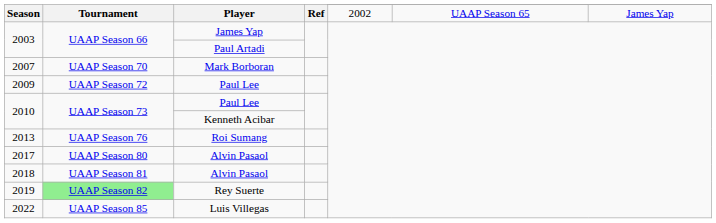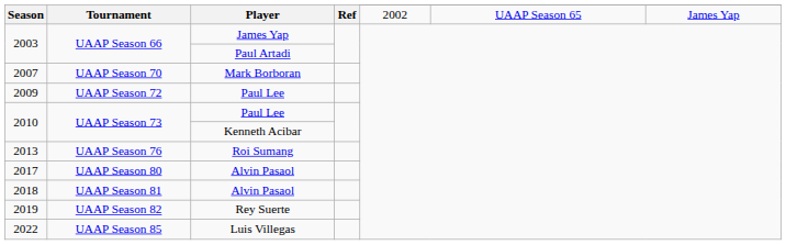 <table class="wikitable sortable" style="text-align:center" width="80%">
 <tr>
 <th style="width:25px;" rowspan="2">Season</th>
 <th style="width:180px;" rowspan="2">Tournament</th>
 <th style="width:180px;" rowspan="2">Player</th>
 <th style="width:25px;" rowspan="2">Ref</th>
 </tr>
 <tr style="text-align:center">
 <td>2002</td>
 <td><a href='#'>UAAP Season 65</a></td>
 <td><a href='#'>James Yap</a></td>
 </tr>
 <tr style="text-align:center">
 <td rowspan=2>2003</td>
 <td rowspan=2><a href='#'>UAAP Season 66</a></td>
 <td><a href='#'>James Yap</a></td>
 <td rowspan=2></td>
 </tr>
 <tr style="text-align:center">
 <td><a href='#'>Paul Artadi</a></td>
 </tr>
 <tr style="text-align:center">
 <td>2007</td>
 <td><a href='#'>UAAP Season 70</a></td>
 <td><a href='#'>Mark Borboran</a></td>
 <td></td>
 </tr>
 <tr style="text-align:center">
 <td>2009</td>
 <td><a href='#'>UAAP Season 72</a></td>
 <td><a href='#'>Paul Lee</a></td>
 <td></td>
 </tr>
 <tr style="text-align:center">
 <td rowspan=2>2010</td>
 <td rowspan=2><a href='#'>UAAP Season 73</a></td>
 <td><a href='#'>Paul Lee</a></td>
 <td rowspan=2></td>
 </tr>
 <tr style="text-align:center">
 <td>Kenneth Acibar</td>
 </tr>
 <tr style="text-align:center">
 <td>2013</td>
 <td><a href='#'>UAAP Season 76</a></td>
 <td><a href='#'>Roi Sumang</a></td>
 <td></td>
 </tr>
 <tr style="text-align:center">
 <td>2017</td>
 <td><a href='#'>UAAP Season 80</a></td>
 <td><a href='#'>Alvin Pasaol</a></td>
 <td></td>
 </tr>
 <tr style="text-align:center">
 <td>2018</td>
 <td><a href='#'>UAAP Season 81</a></td>
 <td><a href='#'>Alvin Pasaol</a></td>
 <td></td>
 </tr>
 <tr style="text-align:center">
 <td>2019</td>
-<td style="background: lightgreen;"><a href='#'>UAAP Season 82</a></td>
+<td><a href='#'>UAAP Season 82</a></td>
 <td>Rey Suerte</td>
 <td></td>
 </tr>
 <tr style="text-align:center">
 <td>2022</td>
 <td><a href='#'>UAAP Season 85</a></td>
 <td>Luis Villegas</td>
 <td></td>
 </tr>
 </table>
